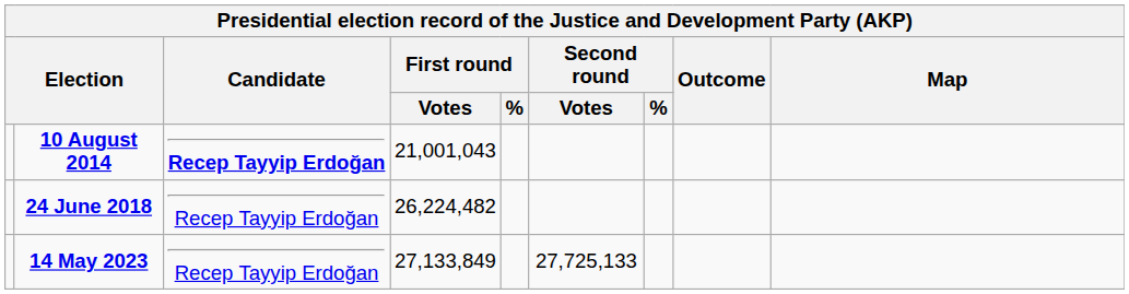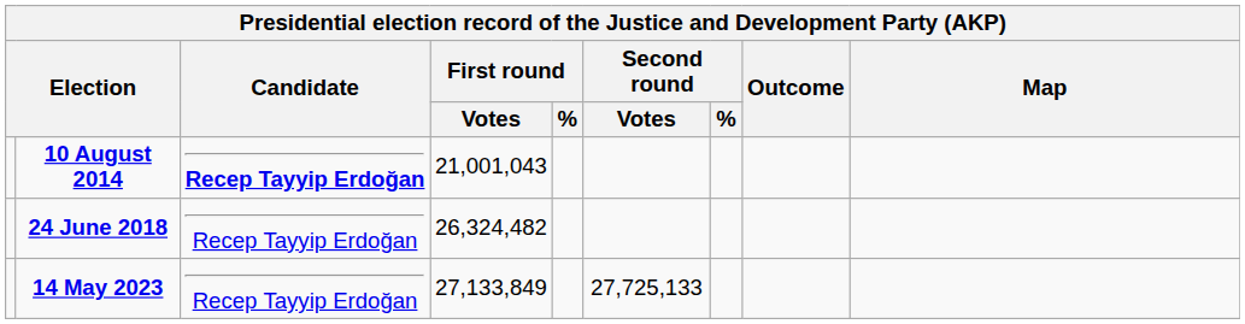 <table class="wikitable" style="text-align: center; border:none;width:100%">
 <tr>
 <th colspan="11">Presidential election record of the Justice and Development Party (AKP)</th>
 </tr>
 <tr>
 <th rowspan="2" colspan="2">Election</th>
 <th rowspan="2">Candidate</th>
 <th colspan="2">First round</th>
 <th colspan="2">Second round</th>
 <th rowspan="2">Outcome</th>
 <th rowspan="2" width=272px>Map</th>
 </tr>
 <tr>
 <th>Votes</th>
 <th>%</th>
 <th>Votes</th>
 <th>%</th>
 </tr>
 <tr>
 <td style="background:"></td>
 <td><strong><a href='#'>10 August 2014</a></strong></td>
 <td><strong><hr><a href='#'>Recep&nbsp;Tayyip&nbsp;Erdoğan</a></strong></td>
 <td>21,001,043</td>
 <td></td>
 <td></td>
 <td></td>
 <td></td>
 <td></td>
 </tr>
 <tr>
 <td style="background:"></td>
 <td><strong><a href='#'>24 June 2018</a></strong></td>
 <td><hr><a href='#'>Recep&nbsp;Tayyip&nbsp;Erdoğan</a></td>
-<td>26,224,482</td>
+<td>26,324,482</td>
 <td></td>
 <td></td>
 <td></td>
 <td></td>
 <td></td>
 </tr>
 <tr>
 <td style="background:"></td>
 <td><strong><a href='#'>14 May 2023</a></strong></td>
 <td><hr><a href='#'>Recep&nbsp;Tayyip&nbsp;Erdoğan</a></td>
 <td>27,133,849</td>
 <td></td>
 <td>27,725,133</td>
 <td></td>
 <td></td>
 <td></td>
 </tr>
 </table>
